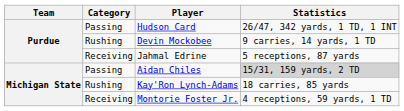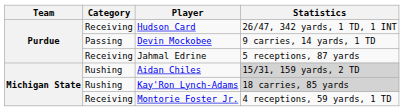 <table class="wikitable" style="float:right">
 <tr>
 <th>Team</th>
 <th>Category</th>
 <th>Player</th>
 <th>Statistics</th>
 </tr>
 <tr>
 <th rowspan=3>Purdue</th>
-<td>Passing</td>
+<td>Receiving</td>
 <td><a href='#'>Hudson Card</a></td>
 <td>26/47, 342 yards, 1 TD, 1 INT</td>
 </tr>
 <tr>
-<td>Rushing</td>
+<td>Passing</td>
 <td><a href='#'>Devin Mockobee</a></td>
 <td>9 carries, 14 yards, 1 TD</td>
 </tr>
 <tr>
 <td>Receiving</td>
 <td>Jahmal Edrine</td>
 <td>5 receptions, 87 yards</td>
 </tr>
 <tr>
 <th rowspan=3>Michigan State</th>
-<td>Passing</td>
+<td>Rushing</td>
 <td><a href='#'>Aidan Chiles</a></td>
 <td style="background: lightgrey;">15/31, 159 yards, 2 TD</td>
 </tr>
 <tr>
 <td>Rushing</td>
 <td><a href='#'>Kay'Ron Lynch-Adams</a></td>
-<td>18 carries, 85 yards</td>
+<td style="background: lightgrey;">18 carries, 85 yards</td>
 </tr>
 <tr>
 <td>Receiving</td>
 <td><a href='#'>Montorie Foster Jr.</a></td>
 <td>4 receptions, 59 yards, 1 TD</td>
 </tr>
 </table>
